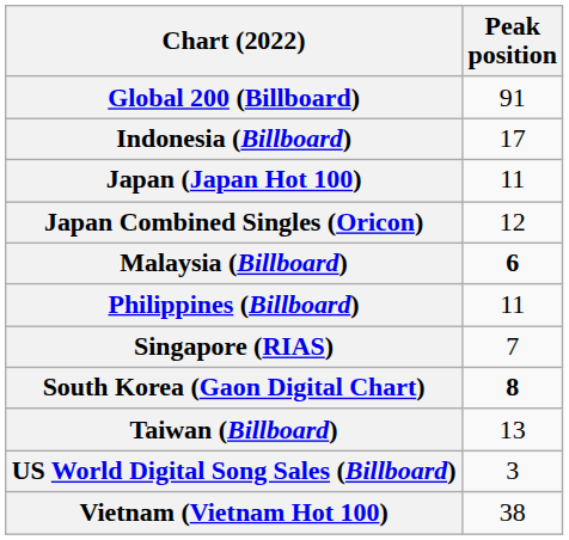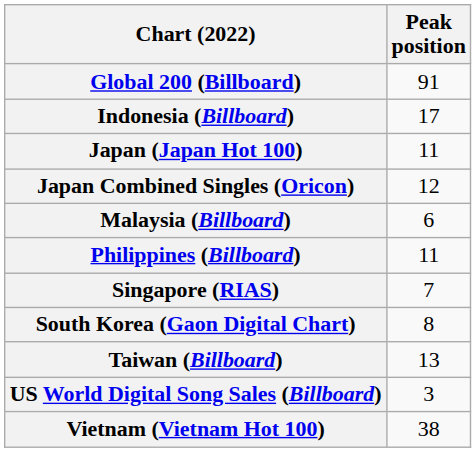 <table class="wikitable sortable plainrowheaders" style="text-align:center">
 <tr>
 <th scope="col">Chart (2022)</th>
 <th scope="col">Peak<br>position</th>
 </tr>
 <tr>
 <th scope="row"><a href='#'>Global 200</a> (<a href='#'>Billboard</a>)</th>
 <td>91</td>
 </tr>
 <tr>
 <th scope="row">Indonesia (<em><a href='#'>Billboard</a></em>)</th>
 <td>17</td>
 </tr>
 <tr>
 <th scope="row">Japan (<a href='#'>Japan Hot 100</a>)</th>
 <td>11</td>
 </tr>
 <tr>
 <th scope="row">Japan Combined Singles (<a href='#'>Oricon</a>)</th>
 <td>12</td>
 </tr>
 <tr>
 <th scope="row">Malaysia (<em><a href='#'>Billboard</a></em>)</th>
-<td><strong>6</strong></td>
+<td>6</td>
 </tr>
 <tr>
 <th scope="row"><a href='#'>Philippines</a> (<em><a href='#'>Billboard</a></em>)</th>
 <td>11</td>
 </tr>
 <tr>
 <th scope="row">Singapore (<a href='#'>RIAS</a>)</th>
 <td>7</td>
 </tr>
 <tr>
 <th scope="row">South Korea (<a href='#'>Gaon Digital Chart</a>)</th>
-<td><strong>8</strong></td>
+<td>8</td>
 </tr>
 <tr>
 <th scope="row">Taiwan (<em><a href='#'>Billboard</a></em>)</th>
 <td>13</td>
 </tr>
 <tr>
 <th scope="row">US <a href='#'>World Digital Song Sales</a> (<em><a href='#'>Billboard</a></em>)</th>
 <td>3</td>
 </tr>
 <tr>
 <th scope="row">Vietnam (<a href='#'>Vietnam Hot 100</a>)</th>
 <td>38</td>
 </tr>
 </table>
